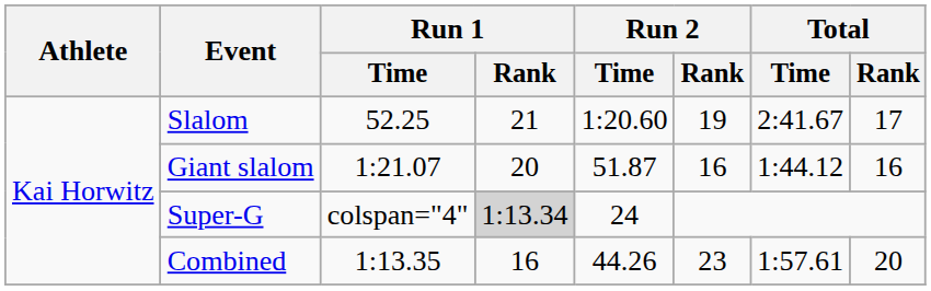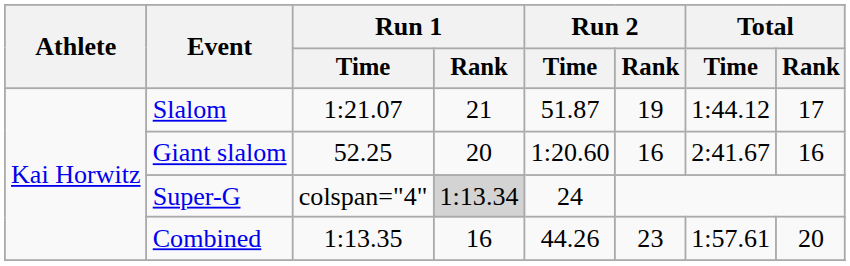 <table class="wikitable" style="font-size:90%">
 <tr>
 <th rowspan=2>Athlete</th>
 <th rowspan=2>Event</th>
 <th colspan=2>Run 1</th>
 <th colspan=2>Run 2</th>
 <th colspan=2>Total</th>
 </tr>
 <tr style="font-size:95%">
 <th>Time</th>
 <th>Rank</th>
 <th>Time</th>
 <th>Rank</th>
 <th>Time</th>
 <th>Rank</th>
 </tr>
 <tr align=center>
 <td align="left" rowspan="4"><a href='#'>Kai Horwitz</a></td>
 <td align="left"><a href='#'>Slalom</a></td>
-<td>52.25</td>
+<td>1:21.07</td>
 <td>21</td>
-<td>1:20.60</td>
+<td>51.87</td>
 <td>19</td>
-<td>2:41.67</td>
+<td>1:44.12</td>
 <td>17</td>
 </tr>
 <tr align=center>
 <td align="left"><a href='#'>Giant slalom</a></td>
-<td>1:21.07</td>
+<td>52.25</td>
 <td>20</td>
-<td>51.87</td>
+<td>1:20.60</td>
 <td>16</td>
-<td>1:44.12</td>
+<td>2:41.67</td>
 <td>16</td>
 </tr>
 <tr align=center>
 <td align="left"><a href='#'>Super-G</a></td>
 <td>colspan="4" </td>
 <td style="background: lightgrey;">1:13.34</td>
 <td>24</td>
 </tr>
 <tr align=center>
 <td align="left"><a href='#'>Combined</a></td>
 <td>1:13.35</td>
 <td>16</td>
 <td>44.26</td>
 <td>23</td>
 <td>1:57.61</td>
 <td>20</td>
 </tr>
 </table>
